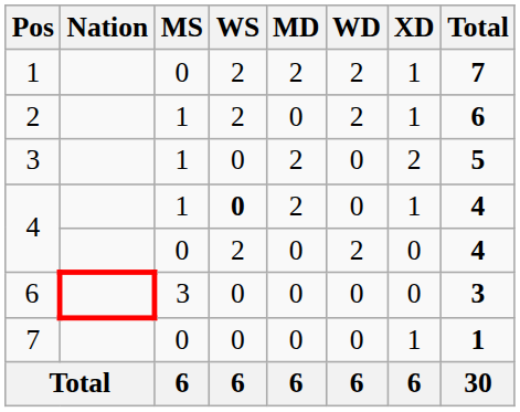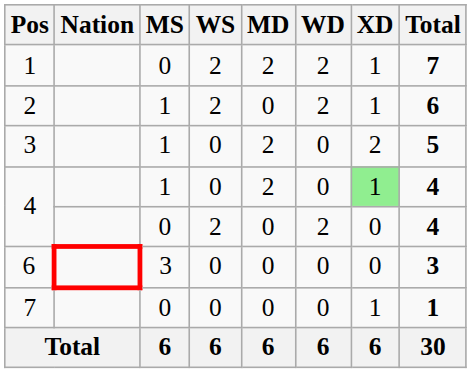 <table class="wikitable" style="text-align:center">
 <tr>
 <th>Pos</th>
 <th>Nation</th>
 <th>MS</th>
 <th>WS</th>
 <th>MD</th>
 <th>WD</th>
 <th>XD</th>
 <th>Total</th>
 </tr>
 <tr>
 <td>1</td>
 <td align="left"></td>
 <td>0</td>
 <td>2</td>
 <td>2</td>
 <td>2</td>
 <td>1</td>
 <td><strong>7</strong></td>
 </tr>
 <tr>
 <td>2</td>
 <td align="left"></td>
 <td>1</td>
 <td>2</td>
 <td>0</td>
 <td>2</td>
 <td>1</td>
 <td><strong>6</strong></td>
 </tr>
 <tr>
 <td>3</td>
 <td align="left"></td>
 <td>1</td>
 <td>0</td>
 <td>2</td>
 <td>0</td>
 <td>2</td>
 <td><strong>5</strong></td>
 </tr>
 <tr>
 <td rowspan="2">4</td>
 <td align="left"></td>
 <td>1</td>
-<td><strong>0</strong></td>
+<td>0</td>
 <td>2</td>
 <td>0</td>
-<td>1</td>
+<td style="background: lightgreen;">1</td>
 <td><strong>4</strong></td>
 </tr>
 <tr>
 <td align="left"></td>
 <td>0</td>
 <td>2</td>
 <td>0</td>
 <td>2</td>
 <td>0</td>
 <td><strong>4</strong></td>
 </tr>
 <tr>
 <td>6</td>
 <td align="left" style="border: 3px solid red"><strong></strong></td>
 <td>3</td>
 <td>0</td>
 <td>0</td>
 <td>0</td>
 <td>0</td>
 <td><strong>3</strong></td>
 </tr>
 <tr>
 <td>7</td>
 <td align="left"></td>
 <td>0</td>
 <td>0</td>
 <td>0</td>
 <td>0</td>
 <td>1</td>
 <td><strong>1</strong></td>
 </tr>
 <tr>
 <th colspan="2">Total</th>
 <th>6</th>
 <th>6</th>
 <th>6</th>
 <th>6</th>
 <th>6</th>
 <th>30</th>
 </tr>
 </table>
